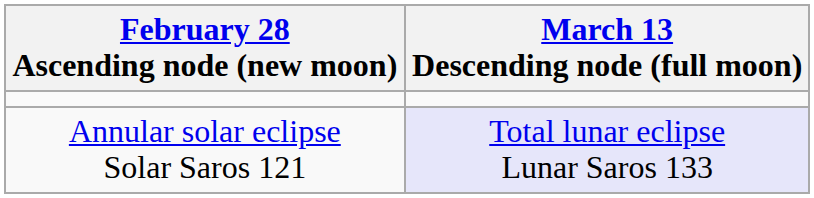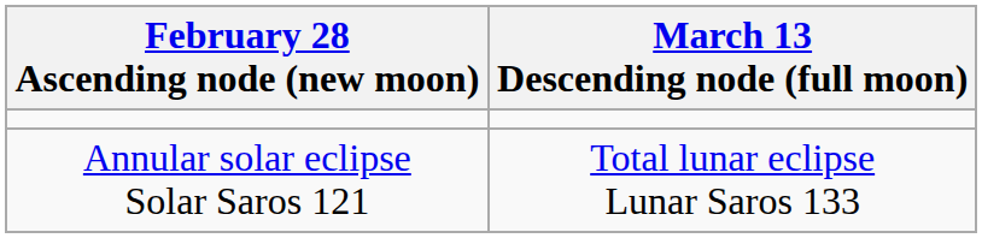 <table class="wikitable">
 <tr>
 <th><a href='#'>February 28</a><br>Ascending node (new moon)<br></th>
 <th><a href='#'>March 13</a><br>Descending node (full moon)<br></th>
 </tr>
 <tr>
 <td></td>
 <td></td>
 </tr>
 <tr align=center>
 <td><a href='#'>Annular solar eclipse</a><br>Solar Saros 121</td>
-<td style="background: lavender;"><a href='#'>Total lunar eclipse</a><br>Lunar Saros 133</td>
+<td><a href='#'>Total lunar eclipse</a><br>Lunar Saros 133</td>
 </tr>
 </table>
